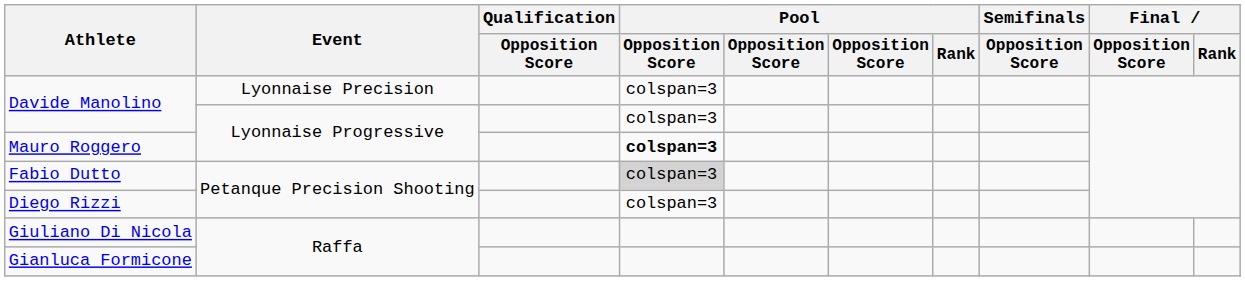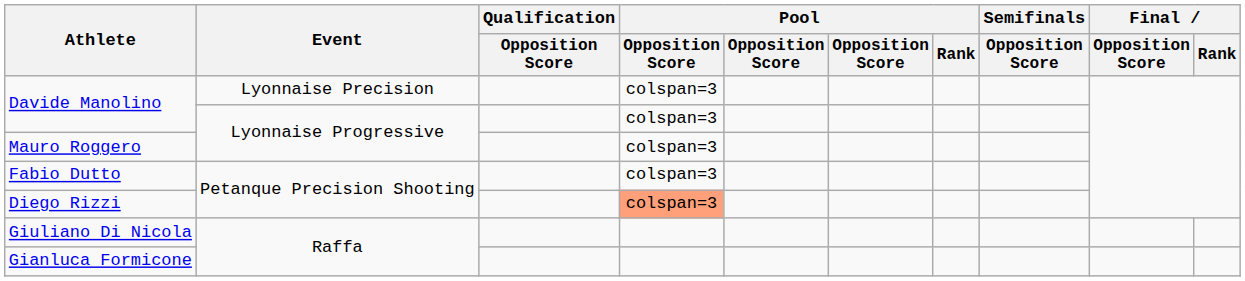 <table class=wikitable style="font-size:90%">
 <tr>
 <th rowspan="2">Athlete</th>
 <th rowspan="2">Event</th>
 <th colspan=>Qualification</th>
 <th colspan="4">Pool</th>
 <th>Semifinals</th>
 <th colspan="2">Final / </th>
 </tr>
 <tr style="font-size:95%">
 <th>Opposition<br>Score</th>
 <th>Opposition<br>Score</th>
 <th>Opposition<br>Score</th>
 <th>Opposition<br>Score</th>
 <th>Rank</th>
 <th>Opposition<br>Score</th>
 <th>Opposition<br>Score</th>
 <th>Rank</th>
 </tr>
 <tr align=center>
 <td align=left rowspan=2><a href='#'>Davide Manolino</a></td>
 <td>Lyonnaise Precision</td>
 <td></td>
 <td>colspan=3 </td>
 <td></td>
 <td></td>
 <td></td>
 <td></td>
 </tr>
 <tr align=center>
 <td rowspan=2>Lyonnaise Progressive</td>
 <td></td>
 <td>colspan=3 </td>
 <td></td>
 <td></td>
 <td></td>
 <td></td>
 </tr>
 <tr align=center>
 <td align=left><a href='#'>Mauro Roggero</a></td>
 <td></td>
-<td><strong>colspan=3 </strong></td>
+<td>colspan=3 </td>
 <td></td>
 <td></td>
 <td></td>
 <td></td>
 </tr>
 <tr align=center>
 <td align=left><a href='#'>Fabio Dutto</a></td>
 <td rowspan=2>Petanque Precision Shooting</td>
 <td></td>
-<td style="background: lightgrey;">colspan=3 </td>
+<td>colspan=3 </td>
 <td></td>
 <td></td>
 <td></td>
 <td></td>
 </tr>
 <tr align=center>
 <td align=left><a href='#'>Diego Rizzi</a></td>
 <td></td>
-<td>colspan=3 </td>
+<td style="background: lightsalmon;">colspan=3 </td>
 <td></td>
 <td></td>
 <td></td>
 <td></td>
 </tr>
 <tr align=center>
 <td align=left><a href='#'>Giuliano Di Nicola</a></td>
 <td rowspan=2>Raffa</td>
 <td></td>
 <td></td>
 <td></td>
 <td></td>
 <td></td>
 <td></td>
 <td></td>
 <td></td>
 </tr>
 <tr align=center>
 <td align=left><a href='#'>Gianluca Formicone</a></td>
 <td></td>
 <td></td>
 <td></td>
 <td></td>
 <td></td>
 <td></td>
 <td></td>
 <td></td>
 </tr>
 </table>
